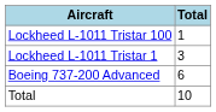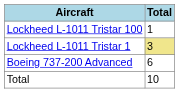 <table class="toccolours" border="1" cellpadding="3" style="border-collapse:collapse">
 <tr bgcolor=lightblue>
 <th>Aircraft</th>
 <th>Total</th>
 </tr>
 <tr>
 <td><a href='#'>Lockheed L-1011 Tristar 100</a></td>
 <td>1</td>
 </tr>
 <tr>
 <td><a href='#'>Lockheed L-1011 Tristar 1</a></td>
-<td>3</td>
+<td style="background: khaki;">3</td>
 </tr>
 <tr>
 <td><a href='#'>Boeing 737-200 Advanced</a></td>
 <td>6</td>
 </tr>
 <tr>
 <td>Total</td>
 <td>10</td>
 </tr>
 </table>
